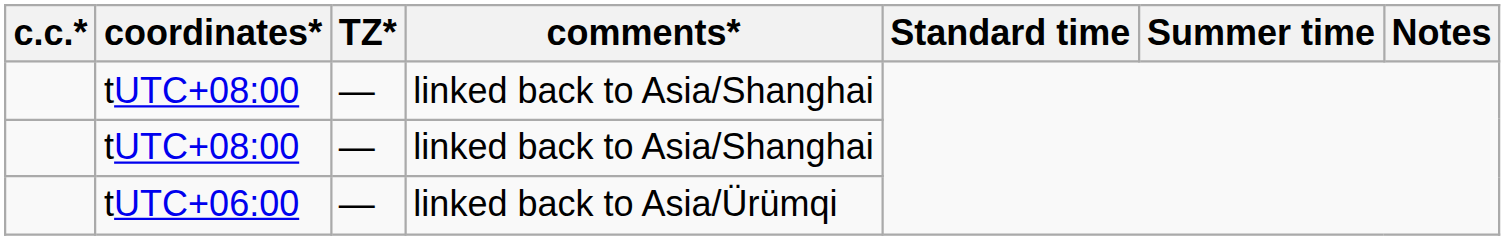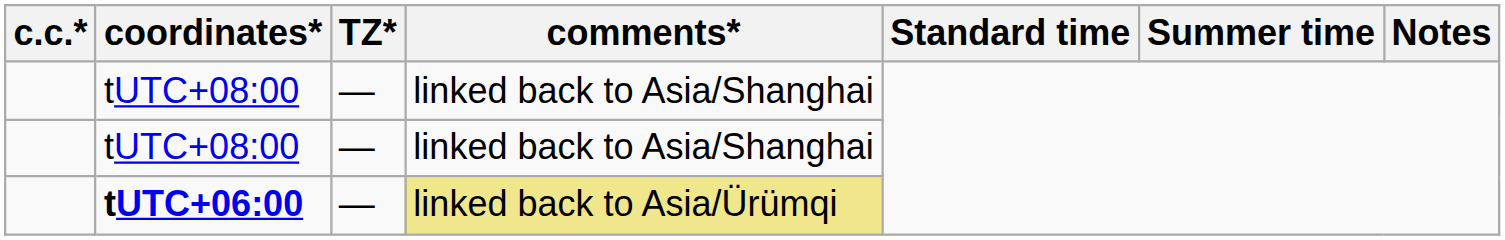 <table class="wikitable sortable">
 <tr>
 <th>c.c.*</th>
 <th>coordinates*</th>
 <th>TZ*</th>
 <th>comments*</th>
 <th>Standard time</th>
 <th>Summer time</th>
 <th>Notes</th>
 </tr>
 <tr>
 <td></td>
 <td><span>t</span><a href='#'>UTC+08:00</a></td>
 <td>—</td>
 <td>linked back to Asia/Shanghai</td>
 </tr>
 <tr>
 <td></td>
 <td><span>t</span><a href='#'>UTC+08:00</a></td>
 <td>—</td>
 <td>linked back to Asia/Shanghai</td>
 </tr>
 <tr>
 <td></td>
-<td><span>t</span><a href='#'>UTC+06:00</a></td>
+<td><strong><span>t</span><a href='#'>UTC+06:00</a></strong></td>
 <td>—</td>
-<td>linked back to Asia/Ürümqi</td>
+<td style="background: khaki;">linked back to Asia/Ürümqi</td>
 </tr>
 </table>
